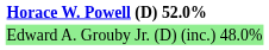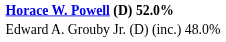 <table>
 <tr>
 <td><strong><a href='#'>Horace W. Powell</a> (D) 52.0%</strong></td>
 </tr>
 <tr>
-<td style="background: lightgreen;">Edward A. Grouby Jr. (D) (inc.) 48.0%</td>
+<td>Edward A. Grouby Jr. (D) (inc.) 48.0%</td>
 </tr>
 </table>
